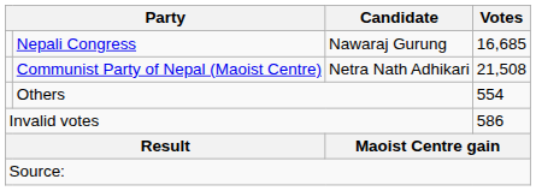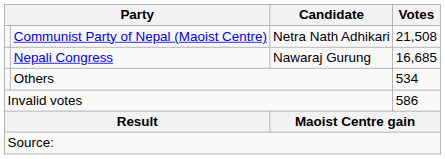 <table class="wikitable">
 <tr>
 <th colspan="2">Party</th>
 <th>Candidate</th>
 <th>Votes</th>
 </tr>
 <tr>
 <td style="background-color:"></td>
+<td><a href='#'>Communist Party of Nepal (Maoist Centre)</a></td>
+<td>Netra Nath Adhikari</td>
+<td>21,508</td>
+</tr>
+<tr>
+<td style="background-color:"></td>
 <td><a href='#'>Nepali Congress</a></td>
 <td>Nawaraj Gurung</td>
 <td>16,685</td>
 </tr>
 <tr>
-<td style="background-color:"></td>
-<td><a href='#'>Communist Party of Nepal (Maoist Centre)</a></td>
-<td>Netra Nath Adhikari</td>
-<td>21,508</td>
-</tr>
-<tr>
 <td></td>
 <td colspan="2">Others</td>
-<td>554</td>
+<td>534</td>
 </tr>
 <tr>
 <td colspan="3">Invalid votes</td>
 <td>586</td>
 </tr>
 <tr>
 <th colspan="2">Result</th>
 <th colspan="2">Maoist Centre gain</th>
 </tr>
 <tr>
 <td colspan="4">Source: </td>
 </tr>
 </table>
